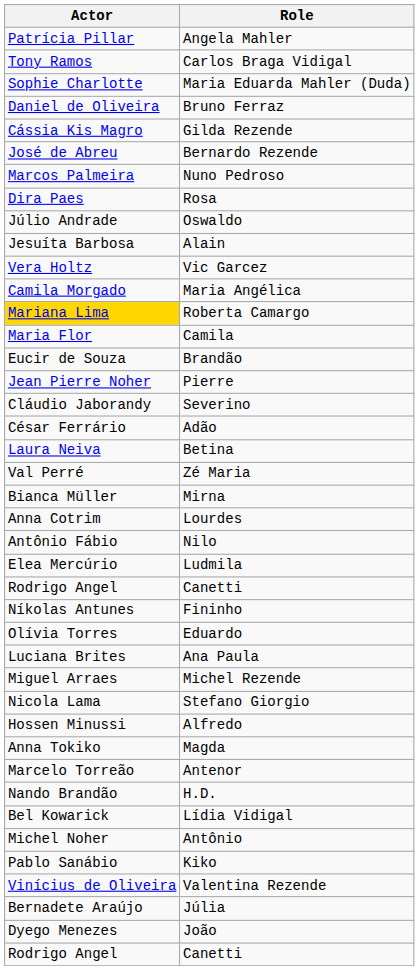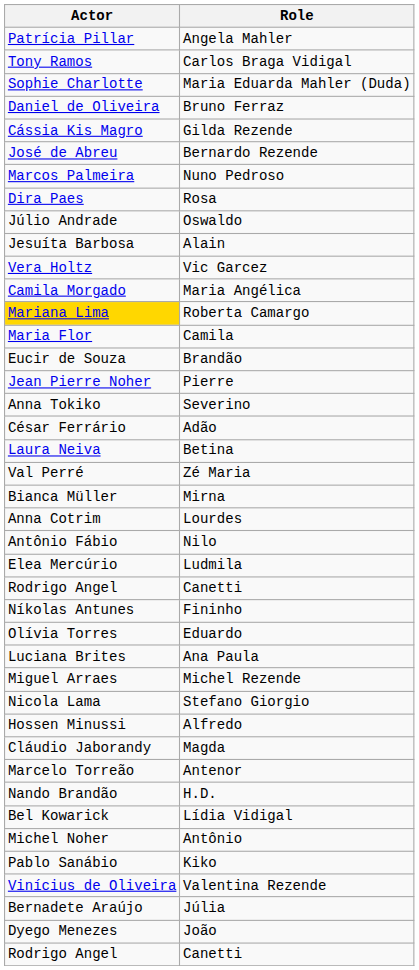 <table class="wikitable sortable">
 <tr>
 <th>Actor</th>
 <th>Role</th>
 </tr>
 <tr>
 <td><a href='#'>Patrícia Pillar</a></td>
 <td>Angela Mahler</td>
 </tr>
 <tr>
 <td><a href='#'>Tony Ramos</a></td>
 <td>Carlos Braga Vidigal</td>
 </tr>
 <tr>
 <td><a href='#'>Sophie Charlotte</a></td>
 <td>Maria Eduarda Mahler (Duda)</td>
 </tr>
 <tr>
 <td><a href='#'>Daniel de Oliveira</a></td>
 <td>Bruno Ferraz</td>
 </tr>
 <tr>
 <td><a href='#'>Cássia Kis Magro</a></td>
 <td>Gilda Rezende</td>
 </tr>
 <tr>
 <td><a href='#'>José de Abreu</a></td>
 <td>Bernardo Rezende</td>
 </tr>
 <tr>
 <td><a href='#'>Marcos Palmeira</a></td>
 <td>Nuno Pedroso</td>
 </tr>
 <tr>
 <td><a href='#'>Dira Paes</a></td>
 <td>Rosa</td>
 </tr>
 <tr>
 <td>Júlio Andrade</td>
 <td>Oswaldo</td>
 </tr>
 <tr>
 <td>Jesuíta Barbosa</td>
 <td>Alain</td>
 </tr>
 <tr>
 <td><a href='#'>Vera Holtz</a></td>
 <td>Vic Garcez</td>
 </tr>
 <tr>
 <td><a href='#'>Camila Morgado</a></td>
 <td>Maria Angélica</td>
 </tr>
 <tr>
 <td style="background: gold;"><a href='#'>Mariana Lima</a></td>
 <td>Roberta Camargo</td>
 </tr>
 <tr>
 <td><a href='#'>Maria Flor</a></td>
 <td>Camila</td>
 </tr>
 <tr>
 <td>Eucir de Souza</td>
 <td>Brandão</td>
 </tr>
 <tr>
 <td><a href='#'>Jean Pierre Noher</a></td>
 <td>Pierre</td>
 </tr>
 <tr>
-<td>Cláudio Jaborandy</td>
+<td>Anna Tokiko</td>
 <td>Severino</td>
 </tr>
 <tr>
 <td>César Ferrário</td>
 <td>Adão</td>
 </tr>
 <tr>
 <td><a href='#'>Laura Neiva</a></td>
 <td>Betina</td>
 </tr>
 <tr>
 <td>Val Perré</td>
 <td>Zé Maria</td>
 </tr>
 <tr>
 <td>Bianca Müller</td>
 <td>Mirna</td>
 </tr>
 <tr>
 <td>Anna Cotrim</td>
 <td>Lourdes</td>
 </tr>
 <tr>
 <td>Antônio Fábio</td>
 <td>Nilo</td>
 </tr>
 <tr>
 <td>Elea Mercúrio</td>
 <td>Ludmila</td>
 </tr>
 <tr>
 <td>Rodrigo Angel</td>
 <td>Canetti</td>
 </tr>
 <tr>
 <td>Níkolas Antunes</td>
 <td>Fininho</td>
 </tr>
 <tr>
 <td>Olívia Torres</td>
 <td>Eduardo</td>
 </tr>
 <tr>
 <td>Luciana Brites</td>
 <td>Ana Paula</td>
 </tr>
 <tr>
 <td>Miguel Arraes</td>
 <td>Michel Rezende</td>
 </tr>
 <tr>
 <td>Nicola Lama</td>
 <td>Stefano Giorgio</td>
 </tr>
 <tr>
 <td>Hossen Minussi</td>
 <td>Alfredo</td>
 </tr>
 <tr>
-<td>Anna Tokiko</td>
+<td>Cláudio Jaborandy</td>
 <td>Magda</td>
 </tr>
 <tr>
 <td>Marcelo Torreão</td>
 <td>Antenor</td>
 </tr>
 <tr>
 <td>Nando Brandão</td>
 <td>H.D.</td>
 </tr>
 <tr>
 <td>Bel Kowarick</td>
 <td>Lídia Vidigal</td>
 </tr>
 <tr>
 <td>Michel Noher</td>
 <td>Antônio</td>
 </tr>
 <tr>
 <td>Pablo Sanábio</td>
 <td>Kiko</td>
 </tr>
 <tr>
 <td><a href='#'>Vinícius de Oliveira</a></td>
 <td>Valentina Rezende</td>
 </tr>
 <tr>
 <td>Bernadete Araújo</td>
 <td>Júlia</td>
 </tr>
 <tr>
 <td>Dyego Menezes</td>
 <td>João</td>
 </tr>
 <tr>
 <td>Rodrigo Angel</td>
 <td>Canetti</td>
 </tr>
 </table>
